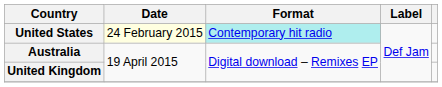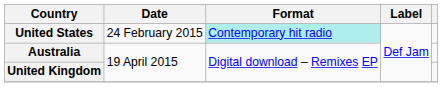 <table class="wikitable plainrowheaders">
 <tr>
 <th scope="col">Country</th>
 <th scope="col">Date</th>
 <th scope="col">Format</th>
 <th scope="col">Label</th>
 <th scope="col"></th>
 </tr>
 <tr>
 <th scope="row">United States</th>
-<td style="background: lightyellow;">24 February 2015</td>
+<td>24 February 2015</td>
 <td style="background: paleturquoise;"><a href='#'>Contemporary hit radio</a></td>
 <td rowspan="3"><a href='#'>Def Jam</a></td>
 <td></td>
 </tr>
 <tr>
 <th scope="row">Australia</th>
 <td rowspan="2">19 April 2015</td>
 <td rowspan="2"><a href='#'>Digital download</a> – <a href='#'>Remixes</a> <a href='#'>EP</a></td>
 <td></td>
 </tr>
 <tr>
 <th scope="row">United Kingdom</th>
 <td></td>
 </tr>
 <tr>
 </tr>
 </table>
